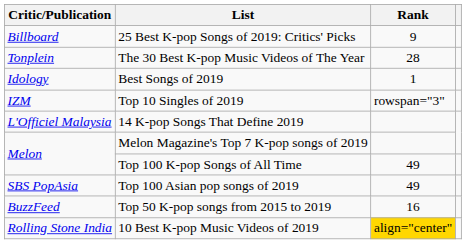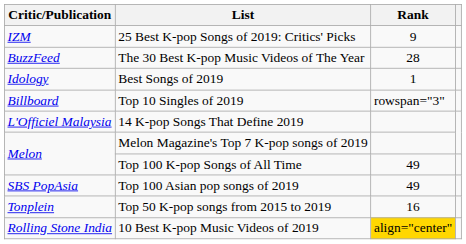 <table class="sortable wikitable">
 <tr>
 <th>Critic/Publication</th>
 <th>List</th>
 <th>Rank</th>
 <th scope="col" class="unsortable"></th>
 </tr>
 <tr>
-<td><em><a href='#'>Billboard</a></em></td>
+<td><em><a href='#'>IZM</a></em></td>
 <td>25 Best K-pop Songs of 2019: Critics' Picks</td>
 <td style="text-align:center;">9</td>
 <td style="text-align:center;"></td>
 </tr>
 <tr>
-<td><em><a href='#'>Tonplein</a></em></td>
+<td><em><a href='#'>BuzzFeed</a></em></td>
 <td>The 30 Best K-pop Music Videos of The Year</td>
 <td style="text-align:center;">28</td>
 <td style="text-align:center;"></td>
 </tr>
 <tr>
 <td><em><a href='#'>Idology</a></em></td>
 <td>Best Songs of 2019</td>
 <td style="text-align:center;">1</td>
 <td style="text-align:center;"></td>
 </tr>
 <tr>
-<td><em><a href='#'>IZM</a></em></td>
+<td><em><a href='#'>Billboard</a></em></td>
 <td>Top 10 Singles of 2019</td>
 <td>rowspan="3" </td>
 <td style="text-align:center;"></td>
 </tr>
 <tr>
 <td><em><a href='#'>L'Officiel Malaysia</a></em></td>
 <td>14 K-pop Songs That Define 2019</td>
 <td style="text-align:center;"></td>
 </tr>
 <tr>
 <td rowspan="2"><em><a href='#'>Melon</a></em></td>
 <td>Melon Magazine's Top 7 K-pop songs of 2019</td>
 <td style="text-align:center;"></td>
 </tr>
 <tr>
 <td>Top 100 K-pop Songs of All Time</td>
 <td style="text-align:center;">49</td>
 <td style="text-align:center;"></td>
 </tr>
 <tr>
 <td><em><a href='#'>SBS PopAsia</a></em></td>
 <td>Top 100 Asian pop songs of 2019</td>
 <td style="text-align:center;">49</td>
 <td style="text-align:center;"></td>
 </tr>
 <tr>
-<td><em><a href='#'>BuzzFeed</a></em></td>
+<td><em><a href='#'>Tonplein</a></em></td>
 <td>Top 50 K-pop songs from 2015 to 2019</td>
 <td style="text-align:center;">16</td>
 <td style="text-align:center;"></td>
 </tr>
 <tr>
 <td rowspan="2"><em><a href='#'>Rolling Stone India</a></em></td>
 <td>10 Best K-pop Music Videos of 2019</td>
 <td style="background: gold;">align="center" </td>
 <td style="text-align:center;"></td>
 </tr>
 </table>
